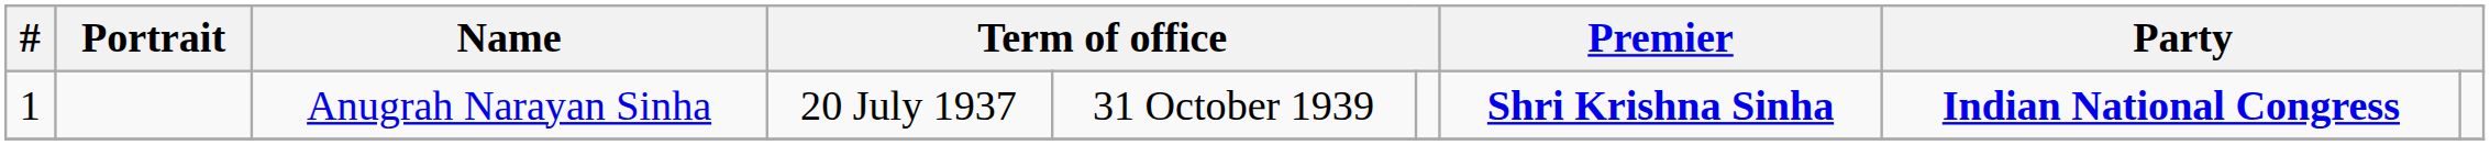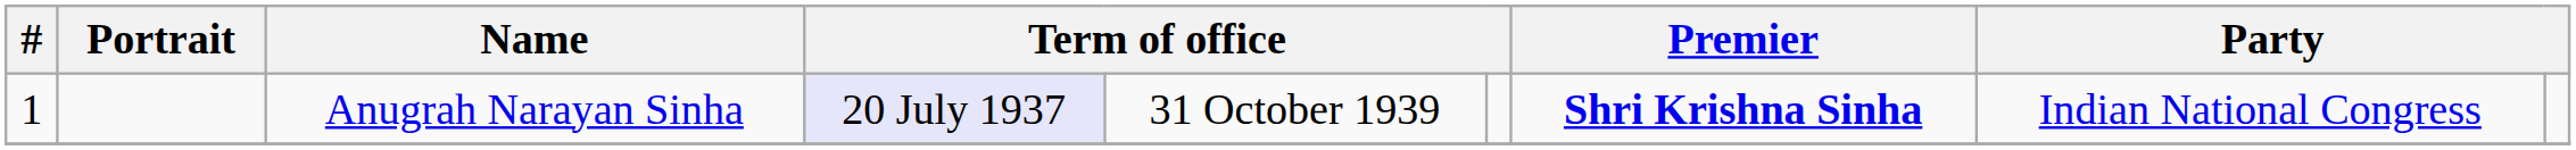 <table class="wikitable" style="width:75%; text-align:center">
 <tr>
 <th>#</th>
 <th>Portrait</th>
 <th>Name</th>
 <th colspan=3>Term of office</th>
 <th><a href='#'>Premier</a></th>
 <th colspan="2">Party</th>
 </tr>
 <tr>
 <td>1</td>
 <td></td>
 <td><a href='#'>Anugrah Narayan Sinha</a></td>
-<td>20 July 1937</td>
+<td style="background: lavender;">20 July 1937</td>
 <td>31 October 1939</td>
 <td></td>
 <td><strong><a href='#'>Shri Krishna Sinha</a></strong></td>
-<td><strong><a href='#'>Indian National Congress</a></strong></td>
+<td><a href='#'>Indian National Congress</a></td>
 <td></td>
 </tr>
 <tr>
 </tr>
 </table>
